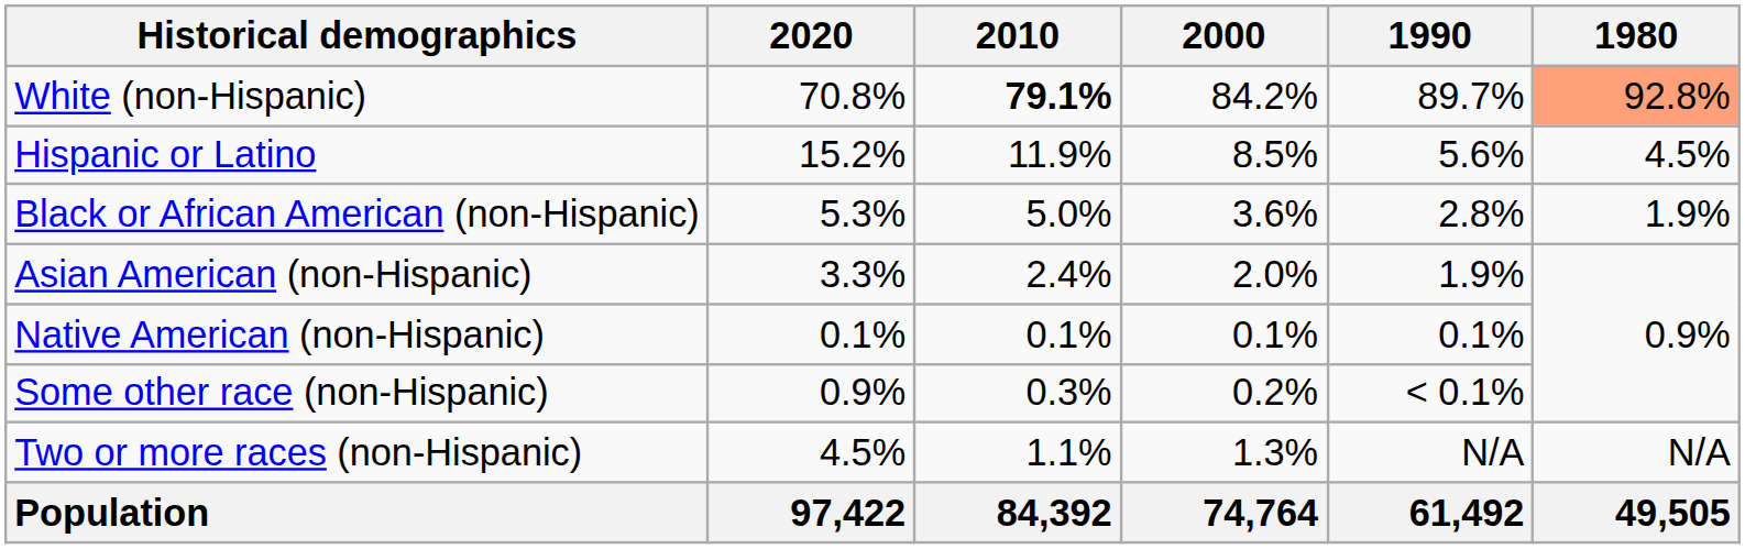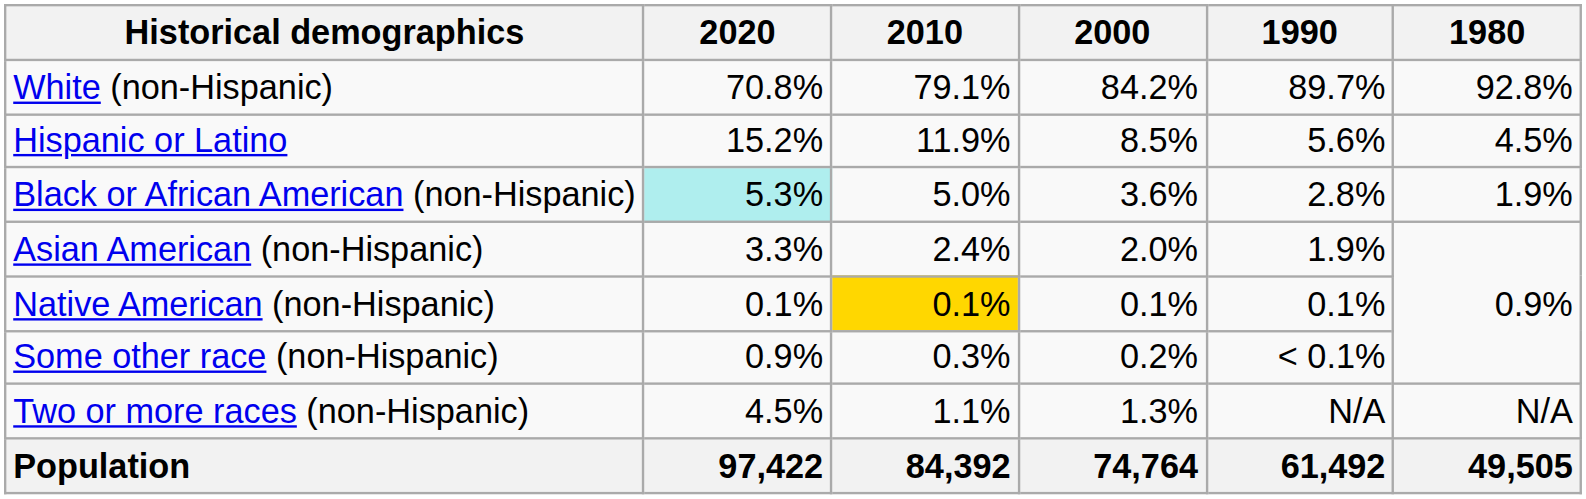 <table class="wikitable" style="font-size: 90%; text-align: right;">
 <tr>
 <th>Historical demographics</th>
 <th style="width: 5em;">2020</th>
 <th style="width: 5em;">2010</th>
 <th style="width: 5em;">2000</th>
 <th style="width: 5em;">1990</th>
 <th style="width: 5em;">1980</th>
 </tr>
 <tr>
 <td style="text-align:left"><a href='#'>White</a> (non-Hispanic)</td>
 <td>70.8%</td>
-<td><strong>79.1%</strong></td>
+<td>79.1%</td>
 <td>84.2%</td>
 <td>89.7%</td>
-<td style="background: lightsalmon;">92.8%</td>
+<td>92.8%</td>
 </tr>
 <tr>
 <td style="text-align:left"><a href='#'>Hispanic or Latino</a></td>
 <td>15.2%</td>
 <td>11.9%</td>
 <td>8.5%</td>
 <td>5.6%</td>
 <td>4.5%</td>
 </tr>
 <tr>
 <td style="text-align:left"><a href='#'>Black or African American</a> (non-Hispanic)</td>
-<td>5.3%</td>
+<td style="background: paleturquoise;">5.3%</td>
 <td>5.0%</td>
 <td>3.6%</td>
 <td>2.8%</td>
 <td>1.9%</td>
 </tr>
 <tr>
 <td style="text-align:left"><a href='#'>Asian American</a> (non-Hispanic)</td>
 <td>3.3%</td>
 <td>2.4%</td>
 <td>2.0%</td>
 <td>1.9%</td>
 <td rowspan="3">0.9%</td>
 </tr>
 <tr>
 <td style="text-align:left"><a href='#'>Native American</a> (non-Hispanic)</td>
 <td>0.1%</td>
-<td>0.1%</td>
+<td style="background: gold;">0.1%</td>
 <td>0.1%</td>
 <td>0.1%</td>
 </tr>
 <tr>
 <td style="text-align:left"><a href='#'>Some other race</a> (non-Hispanic)</td>
 <td>0.9%</td>
 <td>0.3%</td>
 <td>0.2%</td>
 <td>< 0.1%</td>
 </tr>
 <tr>
 <td style="text-align:left"><a href='#'>Two or more races</a> (non-Hispanic)</td>
 <td>4.5%</td>
 <td>1.1%</td>
 <td>1.3%</td>
 <td>N/A</td>
 <td>N/A</td>
 </tr>
 <tr>
 <th style="text-align:left">Population</th>
 <th style="text-align:right">97,422</th>
 <th style="text-align:right">84,392</th>
 <th style="text-align:right">74,764</th>
 <th style="text-align:right">61,492</th>
 <th style="text-align:right">49,505</th>
 </tr>
 </table>
